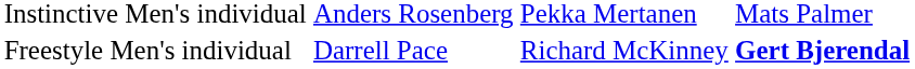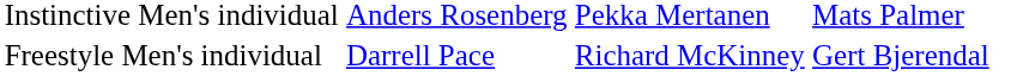 <table>
 <tr>
 <td>Instinctive Men's individual<br></td>
 <td> <a href='#'>Anders Rosenberg</a></td>
 <td> <a href='#'>Pekka Mertanen</a></td>
 <td> <a href='#'>Mats Palmer</a></td>
 </tr>
 <tr>
 <td>Freestyle Men's individual<br></td>
 <td> <a href='#'>Darrell Pace</a></td>
 <td> <a href='#'>Richard McKinney</a></td>
-<td><strong> <a href='#'>Gert Bjerendal</a></strong></td>
+<td> <a href='#'>Gert Bjerendal</a></td>
 </tr>
 </table>
